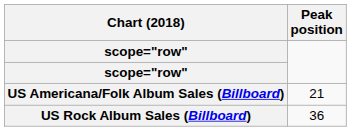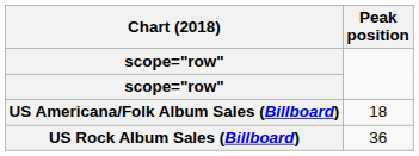 <table class="wikitable sortable plainrowheaders">
 <tr>
 <th scope="col">Chart (2018)</th>
 <th scope="col">Peak<br>position</th>
 </tr>
 <tr>
 <th>scope="row" </th>
 </tr>
 <tr>
 <th>scope="row" </th>
 </tr>
 <tr>
 <th scope="row">US Americana/Folk Album Sales (<em><a href='#'>Billboard</a></em>)</th>
-<td align="center">21</td>
+<td align="center">18</td>
 </tr>
 <tr>
 <th scope="row">US Rock Album Sales (<em><a href='#'>Billboard</a></em>)</th>
 <td align="center">36</td>
 </tr>
 </table>
